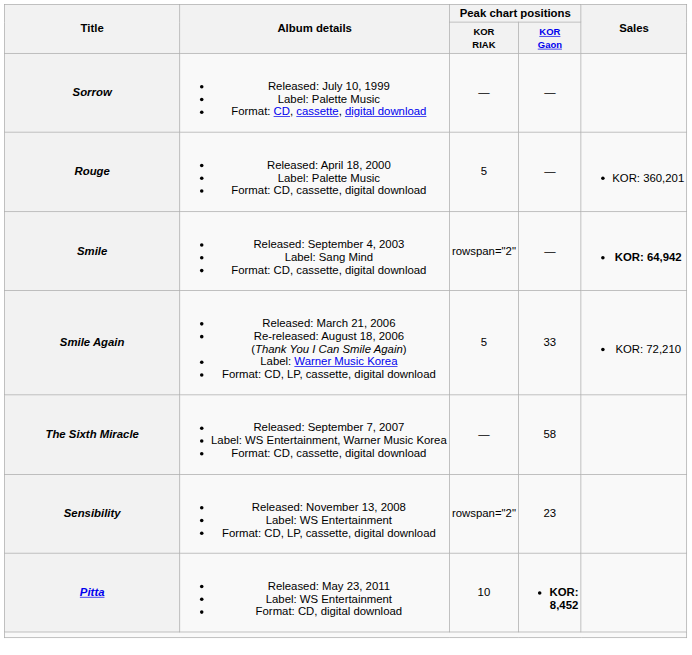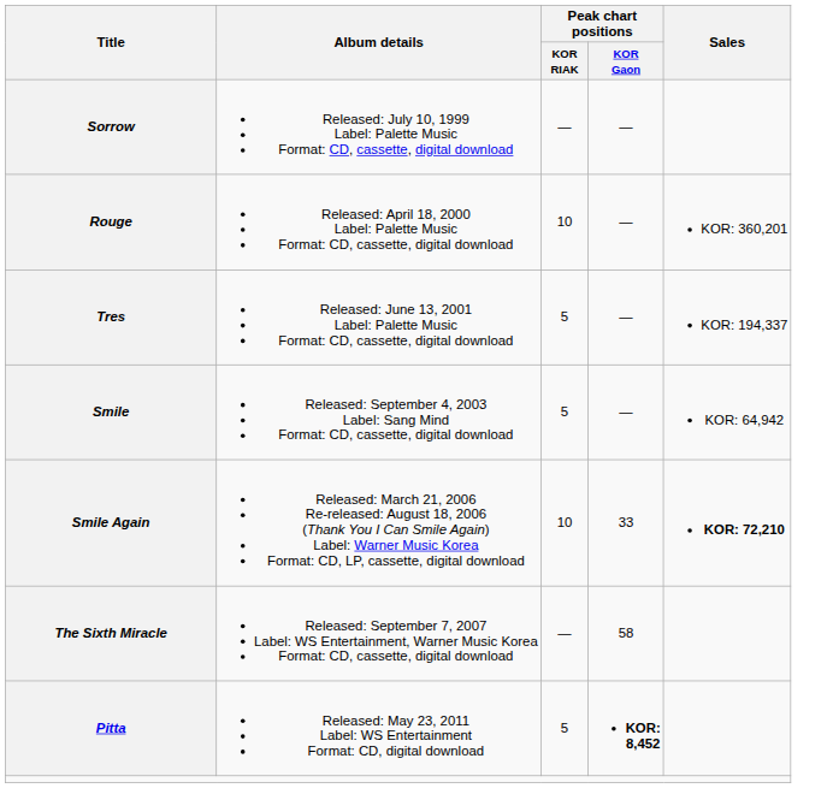 <table class="wikitable plainrowheaders" style="text-align:center;">
 <tr>
 <th scope="col" rowspan="2" style="width:15em;">Title</th>
 <th scope="col" rowspan="2">Album details</th>
 <th scope="col" colspan="2">Peak chart positions</th>
 <th scope="col" rowspan="2">Sales</th>
 </tr>
 <tr>
 <th scope="col" style="width:3em"><small>KOR<br>RIAK</small><br></th>
 <th scope="col" style="width:3em"><small><a href='#'>KOR<br>Gaon</a></small><br></th>
 </tr>
 <tr>
 <th scope="row"><em>Sorrow</em></th>
 <td><br><ul><li>Released: July 10, 1999</li><li>Label: Palette Music</li><li>Format: <a href='#'>CD</a>, <a href='#'>cassette</a>, <a href='#'>digital download</a></li></ul></td>
 <td>—</td>
 <td>—</td>
 <td></td>
 </tr>
 <tr>
 <th scope="row"><em>Rouge</em></th>
 <td><br><ul><li>Released: April 18, 2000</li><li>Label: Palette Music</li><li>Format: CD, cassette, digital download</li></ul></td>
-<td>5</td>
+<td>10</td>
 <td>—</td>
 <td><br><ul><li>KOR: 360,201</li></ul></td>
 </tr>
 <tr>
+<th scope="row"><em>Tres</em></th>
+<td><br><ul><li>Released: June 13, 2001</li><li>Label: Palette Music</li><li>Format: CD, cassette, digital download</li></ul></td>
+<td>5</td>
+<td>—</td>
+<td><br><ul><li>KOR: 194,337</li></ul></td>
+</tr>
+<tr>
 <th scope="row"><em>Smile</em></th>
 <td><br><ul><li>Released: September 4, 2003</li><li>Label: Sang Mind</li><li>Format: CD, cassette, digital download</li></ul></td>
-<td>rowspan="2" </td>
+<td>5</td>
 <td>—</td>
-<td><strong><br><ul><li>KOR: 64,942</li></ul></strong></td>
+<td><br><ul><li>KOR: 64,942</li></ul></td>
 </tr>
 <tr>
 <th scope="row"><em>Smile Again</em></th>
 <td><br><ul><li>Released: March 21, 2006</li><li>Re-released: August 18, 2006<br>(<em>Thank You I Can Smile Again</em>)</li><li>Label: <a href='#'>Warner Music Korea</a></li><li>Format: CD, LP, cassette, digital download</li></ul></td>
-<td>5</td>
+<td>10</td>
 <td>33</td>
-<td><br><ul><li>KOR: 72,210</li></ul></td>
+<td><strong><br><ul><li>KOR: 72,210</li></ul></strong></td>
 </tr>
 <tr>
 <th scope="row"><em>The Sixth Miracle</em></th>
 <td><br><ul><li>Released: September 7, 2007</li><li>Label: WS Entertainment, Warner Music Korea</li><li>Format: CD, cassette, digital download</li></ul></td>
 <td>—</td>
 <td>58</td>
 <td></td>
 </tr>
 <tr>
-<th scope="row"><em>Sensibility</em></th>
-<td><br><ul><li>Released: November 13, 2008</li><li>Label: WS Entertainment</li><li>Format: CD, LP, cassette, digital download</li></ul></td>
-<td>rowspan="2" </td>
-<td>23</td>
-<td></td>
-</tr>
-<tr>
 <th scope="row"><em><a href='#'>Pitta</a></em></th>
 <td><br><ul><li>Released: May 23, 2011</li><li>Label: WS Entertainment</li><li>Format: CD, digital download</li></ul></td>
-<td>10</td>
+<td>5</td>
 <td><strong><br><ul><li>KOR: 8,452</li></ul></strong></td>
 </tr>
 <tr>
 <td colspan="5"></td>
 </tr>
 </table>
